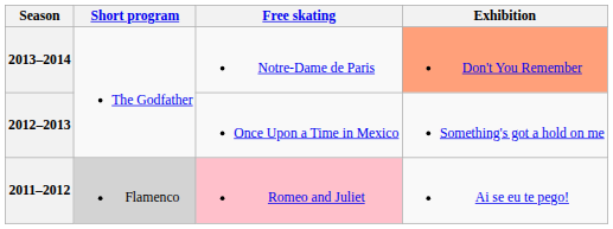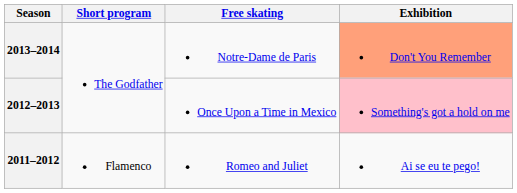 <table class="wikitable" style="text-align:center">
 <tr>
 <th>Season</th>
 <th><a href='#'>Short program</a></th>
 <th><a href='#'>Free skating</a></th>
 <th>Exhibition</th>
 </tr>
 <tr>
 <th>2013–2014 <br> </th>
 <td rowspan=2><br><ul><li><a href='#'>The Godfather</a> <br></li></ul></td>
 <td><br><ul><li><a href='#'>Notre-Dame de Paris</a> <br></li></ul></td>
 <td style="background: lightsalmon;"><br><ul><li><a href='#'>Don't You Remember</a> <br></li></ul></td>
 </tr>
 <tr>
 <th>2012–2013 <br> </th>
 <td><br><ul><li><a href='#'>Once Upon a Time in Mexico</a> <br></li></ul></td>
-<td><br><ul><li><a href='#'>Something's got a hold on me</a> <br></li></ul></td>
+<td style="background: pink;"><br><ul><li><a href='#'>Something's got a hold on me</a> <br></li></ul></td>
 </tr>
 <tr>
 <th>2011–2012 <br> </th>
-<td style="background: lightgrey;"><br><ul><li>Flamenco <br></li></ul></td>
-<td style="background: pink;"><br><ul><li><a href='#'>Romeo and Juliet</a> <br></li></ul></td>
+<td><br><ul><li>Flamenco <br></li></ul></td>
+<td><br><ul><li><a href='#'>Romeo and Juliet</a> <br></li></ul></td>
 <td><br><ul><li><a href='#'>Ai se eu te pego!</a> <br></li></ul></td>
 </tr>
 </table>
